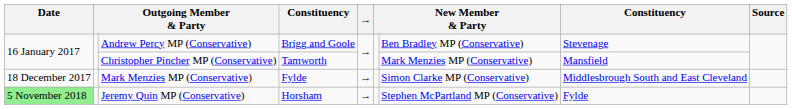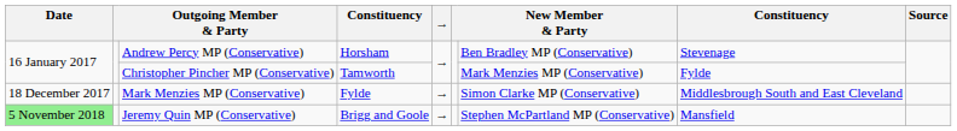 <table class="wikitable">
 <tr>
 <th valign="top">Date</th>
 <th colspan="2" valign="top">Outgoing Member<br>& Party</th>
 <th valign="top">Constituency</th>
 <th>→</th>
 <th colspan="2" valign="top">New Member<br>& Party</th>
 <th valign="top">Constituency</th>
 <th valign="top">Source</th>
 </tr>
 <tr>
 <td rowspan=2>16 January 2017</td>
 <td rowspan=2 style="color:inherit;background:"></td>
 <td><a href='#'>Andrew Percy</a> MP (<a href='#'>Conservative</a>)</td>
-<td><a href='#'>Brigg and Goole</a></td>
+<td><a href='#'>Horsham</a></td>
 <td rowspan=2>→</td>
 <td rowspan=2 style="color:inherit;background:"></td>
 <td><a href='#'>Ben Bradley</a> MP (<a href='#'>Conservative</a>)</td>
 <td><a href='#'>Stevenage</a></td>
 <td rowspan=2></td>
 </tr>
 <tr>
 <td><a href='#'>Christopher Pincher</a> MP (<a href='#'>Conservative</a>)</td>
 <td><a href='#'>Tamworth</a></td>
 <td><a href='#'>Mark Menzies</a> MP (<a href='#'>Conservative</a>)</td>
-<td><a href='#'>Mansfield</a></td>
+<td><a href='#'>Fylde</a></td>
 </tr>
 <tr>
 <td>18 December 2017</td>
 <td style="color:inherit;background:"></td>
 <td><a href='#'>Mark Menzies</a> MP (<a href='#'>Conservative</a>)</td>
 <td><a href='#'>Fylde</a></td>
 <td>→</td>
 <td style="color:inherit;background:"></td>
 <td><a href='#'>Simon Clarke</a> MP (<a href='#'>Conservative</a>)</td>
 <td><a href='#'>Middlesbrough South and East Cleveland</a></td>
 <td></td>
 </tr>
 <tr>
 <td style="background: lightgreen;">5 November 2018</td>
 <td style="color:inherit;background:"></td>
 <td><a href='#'>Jeremy Quin</a> MP (<a href='#'>Conservative</a>)</td>
-<td><a href='#'>Horsham</a></td>
+<td><a href='#'>Brigg and Goole</a></td>
 <td>→</td>
 <td style="color:inherit;background:"></td>
 <td><a href='#'>Stephen McPartland</a> MP (<a href='#'>Conservative</a>)</td>
-<td><a href='#'>Fylde</a></td>
+<td><a href='#'>Mansfield</a></td>
 <td></td>
 </tr>
 </table>
